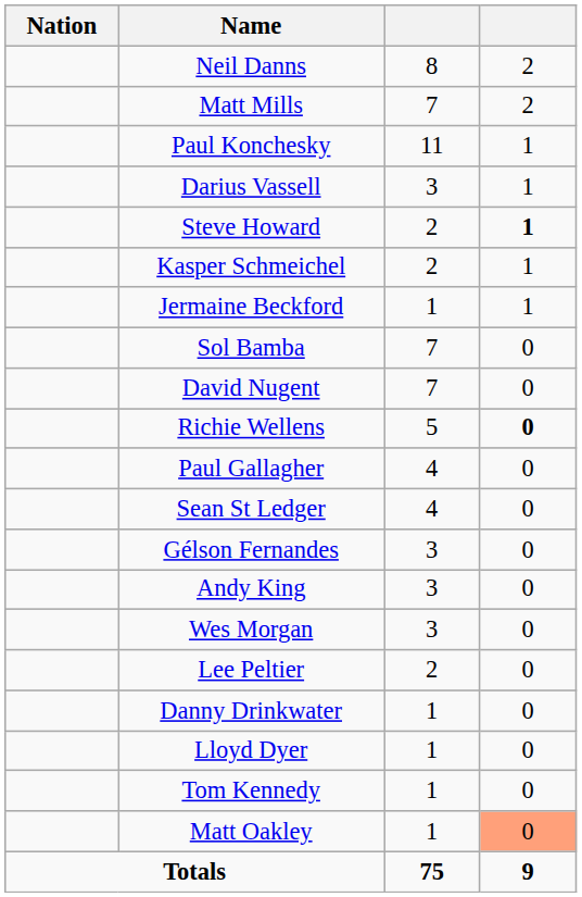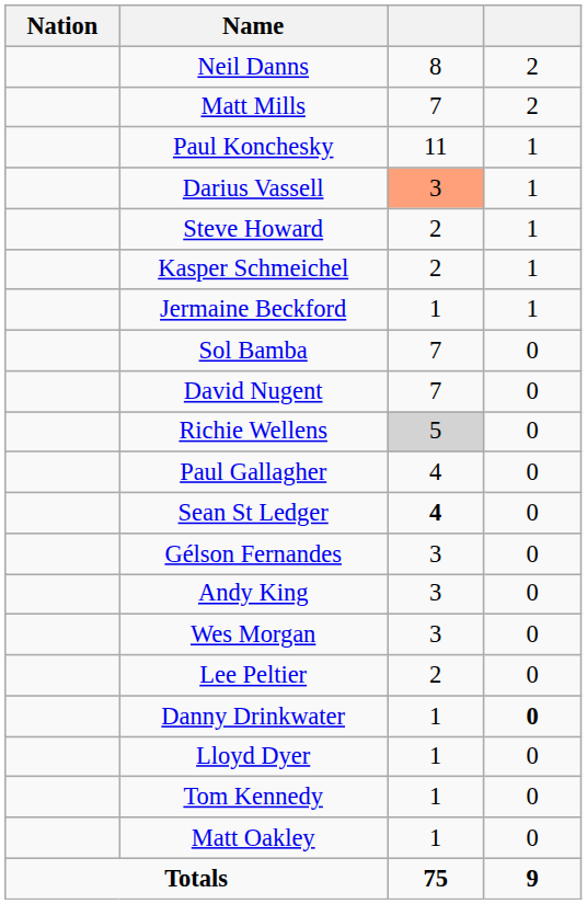 <table class="wikitable" style="font-size: 90%; text-align: center">
 <tr>
 <th width=60>Nation</th>
 <th width=150>Name</th>
 <th width=50></th>
 <th width=50></th>
 </tr>
 <tr>
 <td></td>
 <td><a href='#'>Neil Danns</a></td>
 <td>8</td>
 <td>2</td>
 </tr>
 <tr>
 <td></td>
 <td><a href='#'>Matt Mills</a></td>
 <td>7</td>
 <td>2</td>
 </tr>
 <tr>
 <td></td>
 <td><a href='#'>Paul Konchesky</a></td>
 <td>11</td>
 <td>1</td>
 </tr>
 <tr>
 <td></td>
 <td><a href='#'>Darius Vassell</a></td>
-<td>3</td>
+<td style="background: lightsalmon;">3</td>
 <td>1</td>
 </tr>
 <tr>
 <td></td>
 <td><a href='#'>Steve Howard</a></td>
 <td>2</td>
-<td><strong>1</strong></td>
+<td>1</td>
 </tr>
 <tr>
 <td></td>
 <td><a href='#'>Kasper Schmeichel</a></td>
 <td>2</td>
 <td>1</td>
 </tr>
 <tr>
 <td></td>
 <td><a href='#'>Jermaine Beckford</a></td>
 <td>1</td>
 <td>1</td>
 </tr>
 <tr>
 <td></td>
 <td><a href='#'>Sol Bamba</a></td>
 <td>7</td>
 <td>0</td>
 </tr>
 <tr>
 <td></td>
 <td><a href='#'>David Nugent</a></td>
 <td>7</td>
 <td>0</td>
 </tr>
 <tr>
 <td></td>
 <td><a href='#'>Richie Wellens</a></td>
-<td>5</td>
-<td><strong>0</strong></td>
+<td style="background: lightgrey;">5</td>
+<td>0</td>
 </tr>
 <tr>
 <td></td>
 <td><a href='#'>Paul Gallagher</a></td>
 <td>4</td>
 <td>0</td>
 </tr>
 <tr>
 <td></td>
 <td><a href='#'>Sean St Ledger</a></td>
-<td>4</td>
+<td><strong>4</strong></td>
 <td>0</td>
 </tr>
 <tr>
 <td></td>
 <td><a href='#'>Gélson Fernandes</a></td>
 <td>3</td>
 <td>0</td>
 </tr>
 <tr>
 <td></td>
 <td><a href='#'>Andy King</a></td>
 <td>3</td>
 <td>0</td>
 </tr>
 <tr>
 <td></td>
 <td><a href='#'>Wes Morgan</a></td>
 <td>3</td>
 <td>0</td>
 </tr>
 <tr>
 <td></td>
 <td><a href='#'>Lee Peltier</a></td>
 <td>2</td>
 <td>0</td>
 </tr>
 <tr>
 <td></td>
 <td><a href='#'>Danny Drinkwater</a></td>
 <td>1</td>
-<td>0</td>
+<td><strong>0</strong></td>
 </tr>
 <tr>
 <td></td>
 <td><a href='#'>Lloyd Dyer</a></td>
 <td>1</td>
 <td>0</td>
 </tr>
 <tr>
 <td></td>
 <td><a href='#'>Tom Kennedy</a></td>
 <td>1</td>
 <td>0</td>
 </tr>
 <tr>
 <td></td>
 <td><a href='#'>Matt Oakley</a></td>
 <td>1</td>
-<td style="background: lightsalmon;">0</td>
+<td>0</td>
 </tr>
 <tr>
 <td colspan="2"><strong>Totals</strong></td>
 <td><strong>75</strong></td>
 <td><strong>9</strong></td>
 </tr>
 </table>
